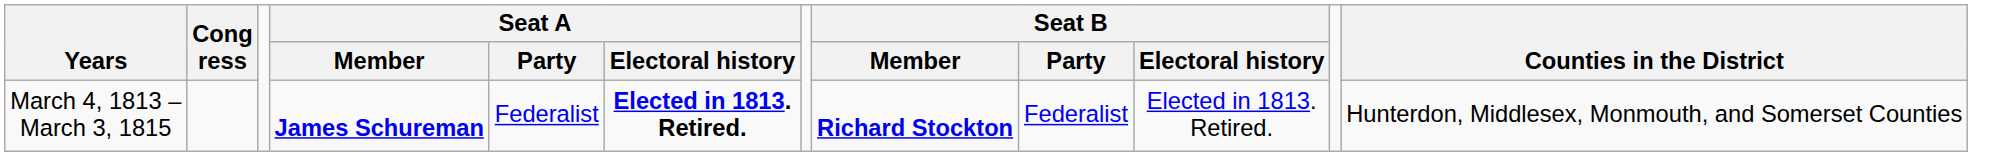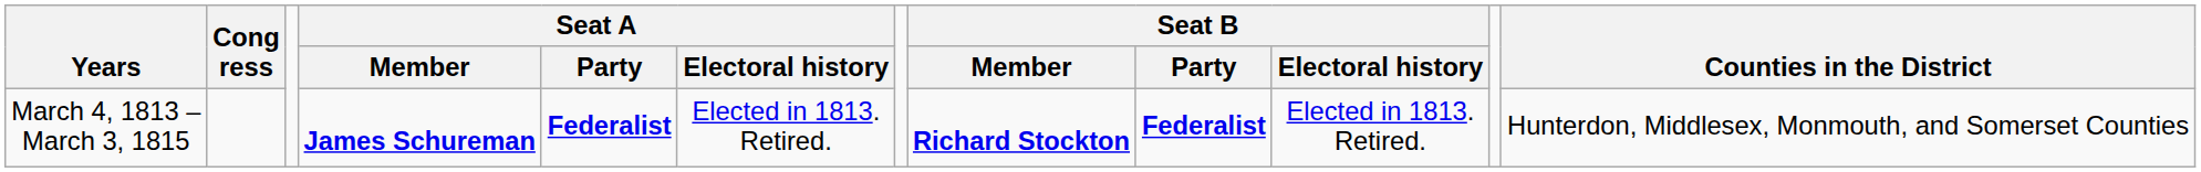 <table class=wikitable style="text-align:center">
 <tr valign=bottom>
 <th rowspan=2>Years</th>
 <th rowspan=2>Cong<br>ress</th>
 <td rowspan=99></td>
 <th colspan=3>Seat A</th>
 <td rowspan=99></td>
 <th colspan=3>Seat B</th>
 <td rowspan=99></td>
 <th rowspan=2>Counties in the District</th>
 </tr>
 <tr>
 <th>Member<br></th>
 <th>Party</th>
 <th>Electoral history</th>
 <th>Member<br></th>
 <th>Party</th>
 <th>Electoral history</th>
 </tr>
 <tr style="height:3em">
 <td nowrap>March 4, 1813 –<br>March 3, 1815</td>
 <td></td>
 <td align=left><br><strong><a href='#'>James Schureman</a></strong><br></td>
-<td><a href='#'>Federalist</a></td>
-<td><strong><a href='#'>Elected in 1813</a>.<br>Retired.</strong></td>
+<td><strong><a href='#'>Federalist</a></strong></td>
+<td><a href='#'>Elected in 1813</a>.<br>Retired.</td>
 <td align=left><br><strong><a href='#'>Richard Stockton</a></strong><br></td>
-<td><a href='#'>Federalist</a></td>
+<td><strong><a href='#'>Federalist</a></strong></td>
 <td><a href='#'>Elected in 1813</a>.<br>Retired.</td>
 <td>Hunterdon, Middlesex, Monmouth, and Somerset Counties</td>
 </tr>
 </table>
